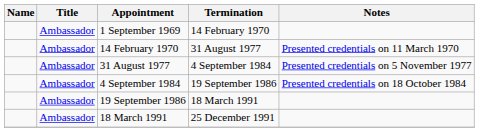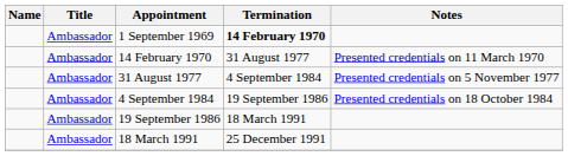 <table class="wikitable">
 <tr valign="middle">
 <th>Name</th>
 <th>Title</th>
 <th>Appointment</th>
 <th>Termination</th>
 <th>Notes</th>
 </tr>
 <tr>
 <td></td>
 <td><a href='#'>Ambassador</a></td>
 <td>1 September 1969</td>
-<td>14 February 1970</td>
+<td><strong>14 February 1970</strong></td>
 <td></td>
 </tr>
 <tr>
 <td></td>
 <td><a href='#'>Ambassador</a></td>
 <td>14 February 1970</td>
 <td>31 August 1977</td>
 <td><a href='#'>Presented credentials</a> on 11 March 1970</td>
 </tr>
 <tr>
 <td></td>
 <td><a href='#'>Ambassador</a></td>
 <td>31 August 1977</td>
 <td>4 September 1984</td>
 <td><a href='#'>Presented credentials</a> on 5 November 1977</td>
 </tr>
 <tr>
 <td></td>
 <td><a href='#'>Ambassador</a></td>
 <td>4 September 1984</td>
 <td>19 September 1986</td>
 <td><a href='#'>Presented credentials</a> on 18 October 1984</td>
 </tr>
 <tr>
 <td></td>
 <td><a href='#'>Ambassador</a></td>
 <td>19 September 1986</td>
 <td>18 March 1991</td>
 <td></td>
 </tr>
 <tr>
 <td></td>
 <td><a href='#'>Ambassador</a></td>
 <td>18 March 1991</td>
 <td>25 December 1991</td>
 <td></td>
 </tr>
 <tr>
 </tr>
 </table>
